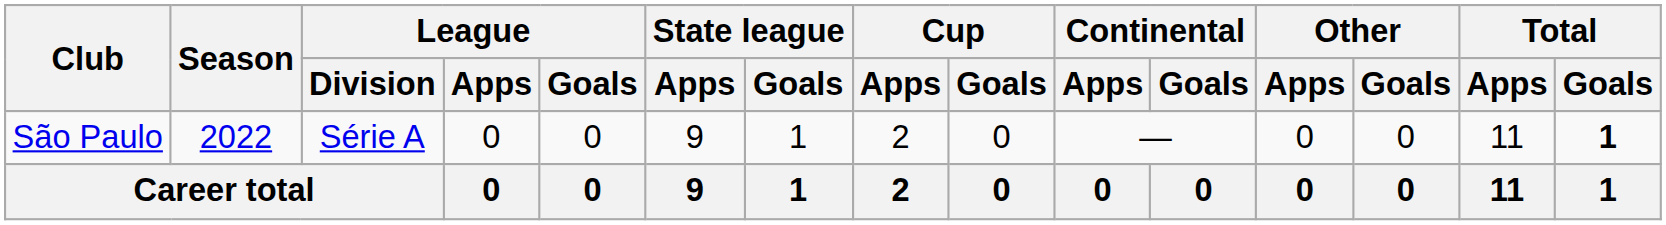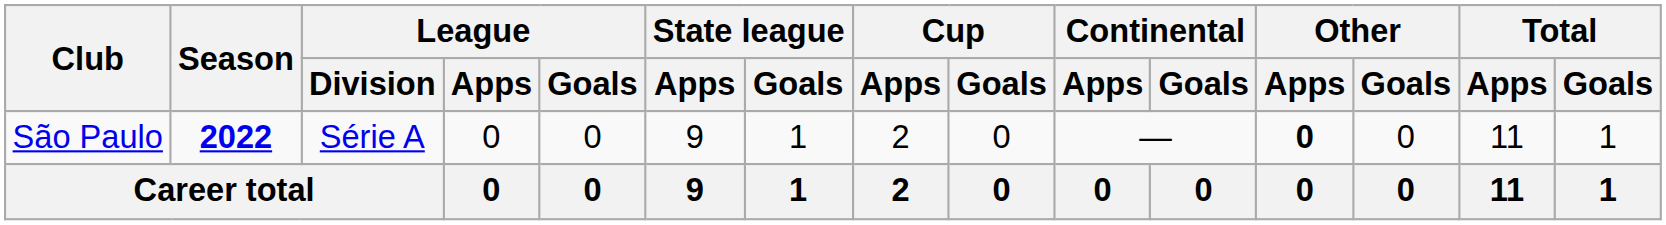 <table class="wikitable" style="text-align: center; font-size:96%">
 <tr>
 <th rowspan="2">Club</th>
 <th rowspan="2">Season</th>
 <th colspan="3">League</th>
 <th colspan="2">State league</th>
 <th colspan="2">Cup</th>
 <th colspan="2">Continental</th>
 <th colspan="2">Other</th>
 <th colspan="2">Total</th>
 </tr>
 <tr>
 <th>Division</th>
 <th>Apps</th>
 <th>Goals</th>
 <th>Apps</th>
 <th>Goals</th>
 <th>Apps</th>
 <th>Goals</th>
 <th>Apps</th>
 <th>Goals</th>
 <th>Apps</th>
 <th>Goals</th>
 <th>Apps</th>
 <th>Goals</th>
 </tr>
 <tr>
 <td><a href='#'>São Paulo</a></td>
-<td><a href='#'>2022</a></td>
+<td><strong><a href='#'>2022</a></strong></td>
 <td><a href='#'>Série A</a></td>
 <td>0</td>
 <td>0</td>
 <td>9</td>
 <td>1</td>
 <td>2</td>
 <td>0</td>
 <td colspan="2">—</td>
-<td>0</td>
+<td><strong>0</strong></td>
 <td>0</td>
 <td>11</td>
-<td><strong>1</strong></td>
+<td>1</td>
 </tr>
 <tr>
 <th colspan="3">Career total</th>
 <th>0</th>
 <th>0</th>
 <th>9</th>
 <th>1</th>
 <th>2</th>
 <th>0</th>
 <th>0</th>
 <th>0</th>
 <th>0</th>
 <th>0</th>
 <th>11</th>
 <th>1</th>
 </tr>
 </table>
